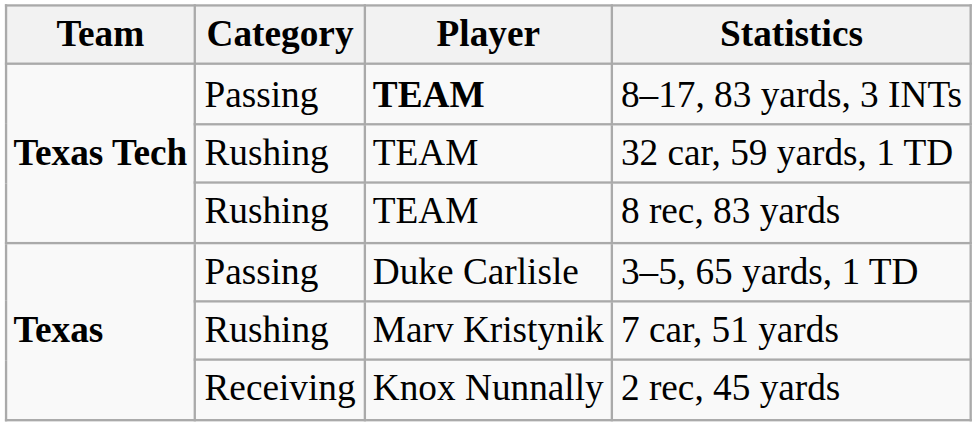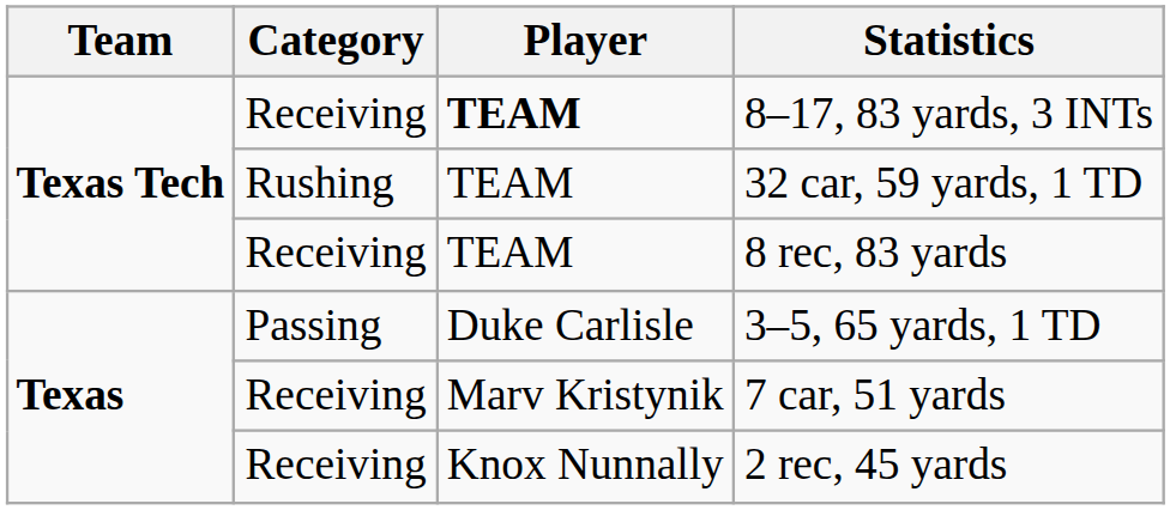 <table class="wikitable" style="float: right;">
 <tr>
 <th>Team</th>
 <th>Category</th>
 <th>Player</th>
 <th>Statistics</th>
 </tr>
 <tr>
 <td rowspan=3><strong>Texas Tech</strong></td>
-<td>Passing</td>
+<td>Receiving</td>
 <td><strong>TEAM</strong></td>
 <td>8–17, 83 yards, 3 INTs</td>
 </tr>
 <tr>
 <td>Rushing</td>
 <td>TEAM</td>
 <td>32 car, 59 yards, 1 TD</td>
 </tr>
 <tr>
-<td>Rushing</td>
+<td>Receiving</td>
 <td>TEAM</td>
 <td>8 rec, 83 yards</td>
 </tr>
 <tr>
 <td rowspan=3><strong>Texas</strong></td>
 <td>Passing</td>
 <td>Duke Carlisle</td>
 <td>3–5, 65 yards, 1 TD</td>
 </tr>
 <tr>
-<td>Rushing</td>
+<td>Receiving</td>
 <td>Marv Kristynik</td>
 <td>7 car, 51 yards</td>
 </tr>
 <tr>
 <td>Receiving</td>
 <td>Knox Nunnally</td>
 <td>2 rec, 45 yards</td>
 </tr>
 </table>
